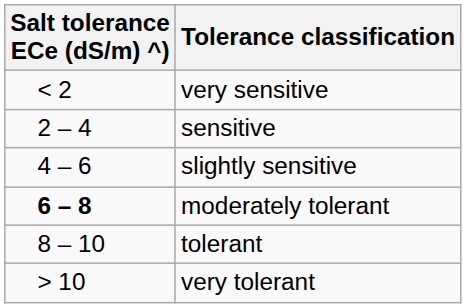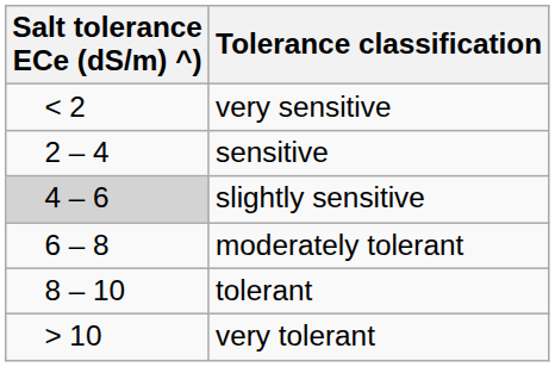 <table class="wikitable" style="height: 100px;">
 <tr>
 <th>Salt tolerance <br> ECe (dS/m) ^)</th>
 <th>Tolerance classification</th>
 </tr>
 <tr>
 <td>    < 2</td>
 <td>very sensitive</td>
 </tr>
 <tr>
 <td>    2 – 4</td>
 <td>sensitive</td>
 </tr>
 <tr>
-<td>    4 – 6</td>
+<td style="background: lightgrey;">    4 – 6</td>
 <td>slightly sensitive</td>
 </tr>
 <tr>
-<td><strong>    6 – 8</strong></td>
+<td>    6 – 8</td>
 <td>moderately tolerant</td>
 </tr>
 <tr>
 <td>    8 – 10</td>
 <td>tolerant</td>
 </tr>
 <tr>
 <td>    > 10</td>
 <td>very tolerant</td>
 </tr>
 </table>
